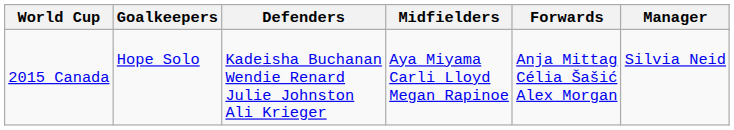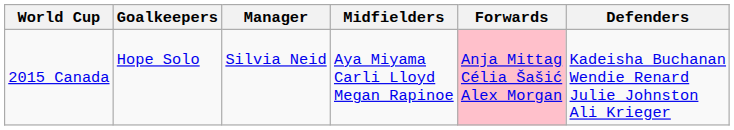 <table class="wikitable">
 <tr>
 <th>World Cup</th>
 <th>Goalkeepers</th>
-<th>Defenders</th>
+<th>Manager</th>
 <th>Midfielders</th>
 <th>Forwards</th>
-<th>Manager</th>
+<th>Defenders</th>
 </tr>
 <tr>
 <td><a href='#'>2015 Canada</a></td>
 <td align=left valign=top><br> <a href='#'>Hope Solo</a></td>
+<td align=left valign=top><br> <a href='#'>Silvia Neid</a></td>
+<td align=left valign=top><br> <a href='#'>Aya Miyama</a> <br>  <a href='#'>Carli Lloyd</a> <br>  <a href='#'>Megan Rapinoe</a></td>
+<td align=left valign=top style="background: pink;"><br> <a href='#'>Anja Mittag</a> <br>  <a href='#'>Célia Šašić</a> <br>  <a href='#'>Alex Morgan</a></td>
 <td align=left valign=top><br> <a href='#'>Kadeisha Buchanan</a> <br>  <a href='#'>Wendie Renard</a> <br>  <a href='#'>Julie Johnston</a> <br>  <a href='#'>Ali Krieger</a> <br></td>
-<td align=left valign=top><br> <a href='#'>Aya Miyama</a> <br>  <a href='#'>Carli Lloyd</a> <br>  <a href='#'>Megan Rapinoe</a></td>
-<td align=left valign=top><br> <a href='#'>Anja Mittag</a> <br>  <a href='#'>Célia Šašić</a> <br>  <a href='#'>Alex Morgan</a></td>
-<td align=left valign=top><br> <a href='#'>Silvia Neid</a></td>
 </tr>
 </table>
